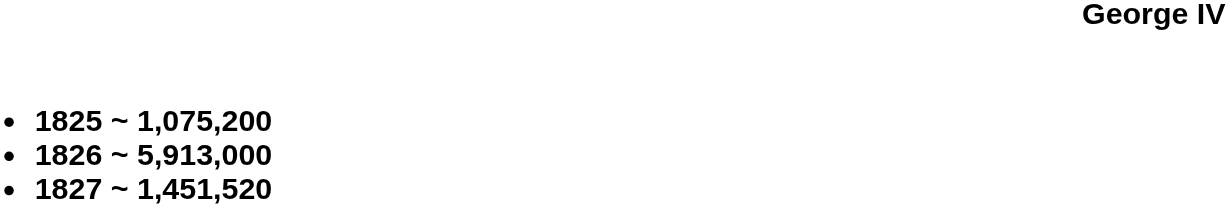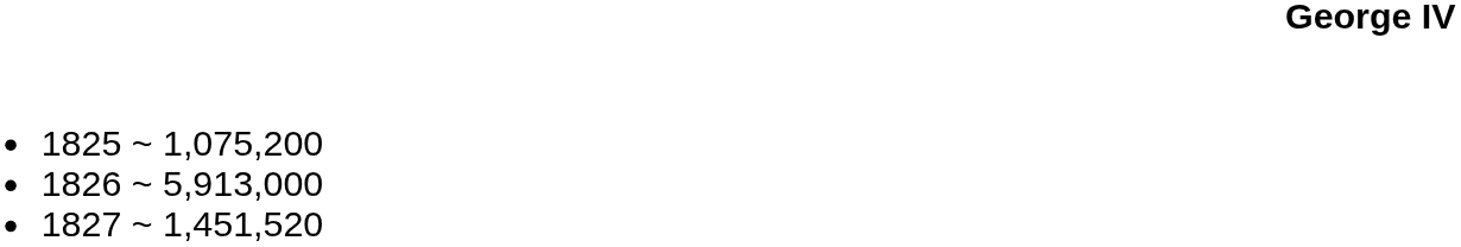 <table class="toccolours collapsible" style="width:100%; background:inherit">
 <tr>
 <th>George IV</th>
 </tr>
 <tr>
-<td><strong><br><ul><li>1825 ~ 1,075,200</li><li>1826 ~ 5,913,000</li><li>1827 ~ 1,451,520</li></ul></strong></td>
+<td><br><ul><li>1825 ~ 1,075,200</li><li>1826 ~ 5,913,000</li><li>1827 ~ 1,451,520</li></ul></td>
 </tr>
 </table>
